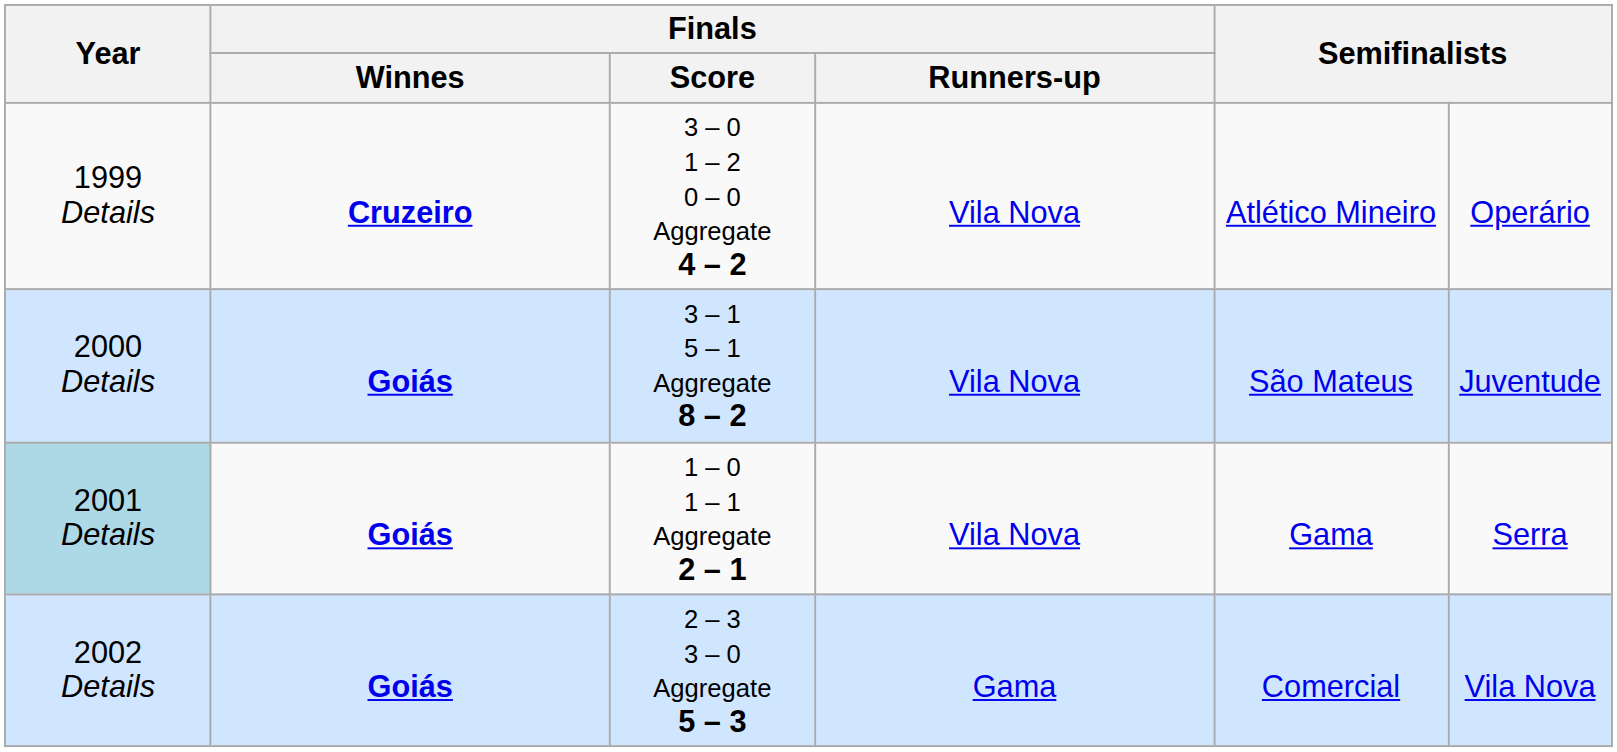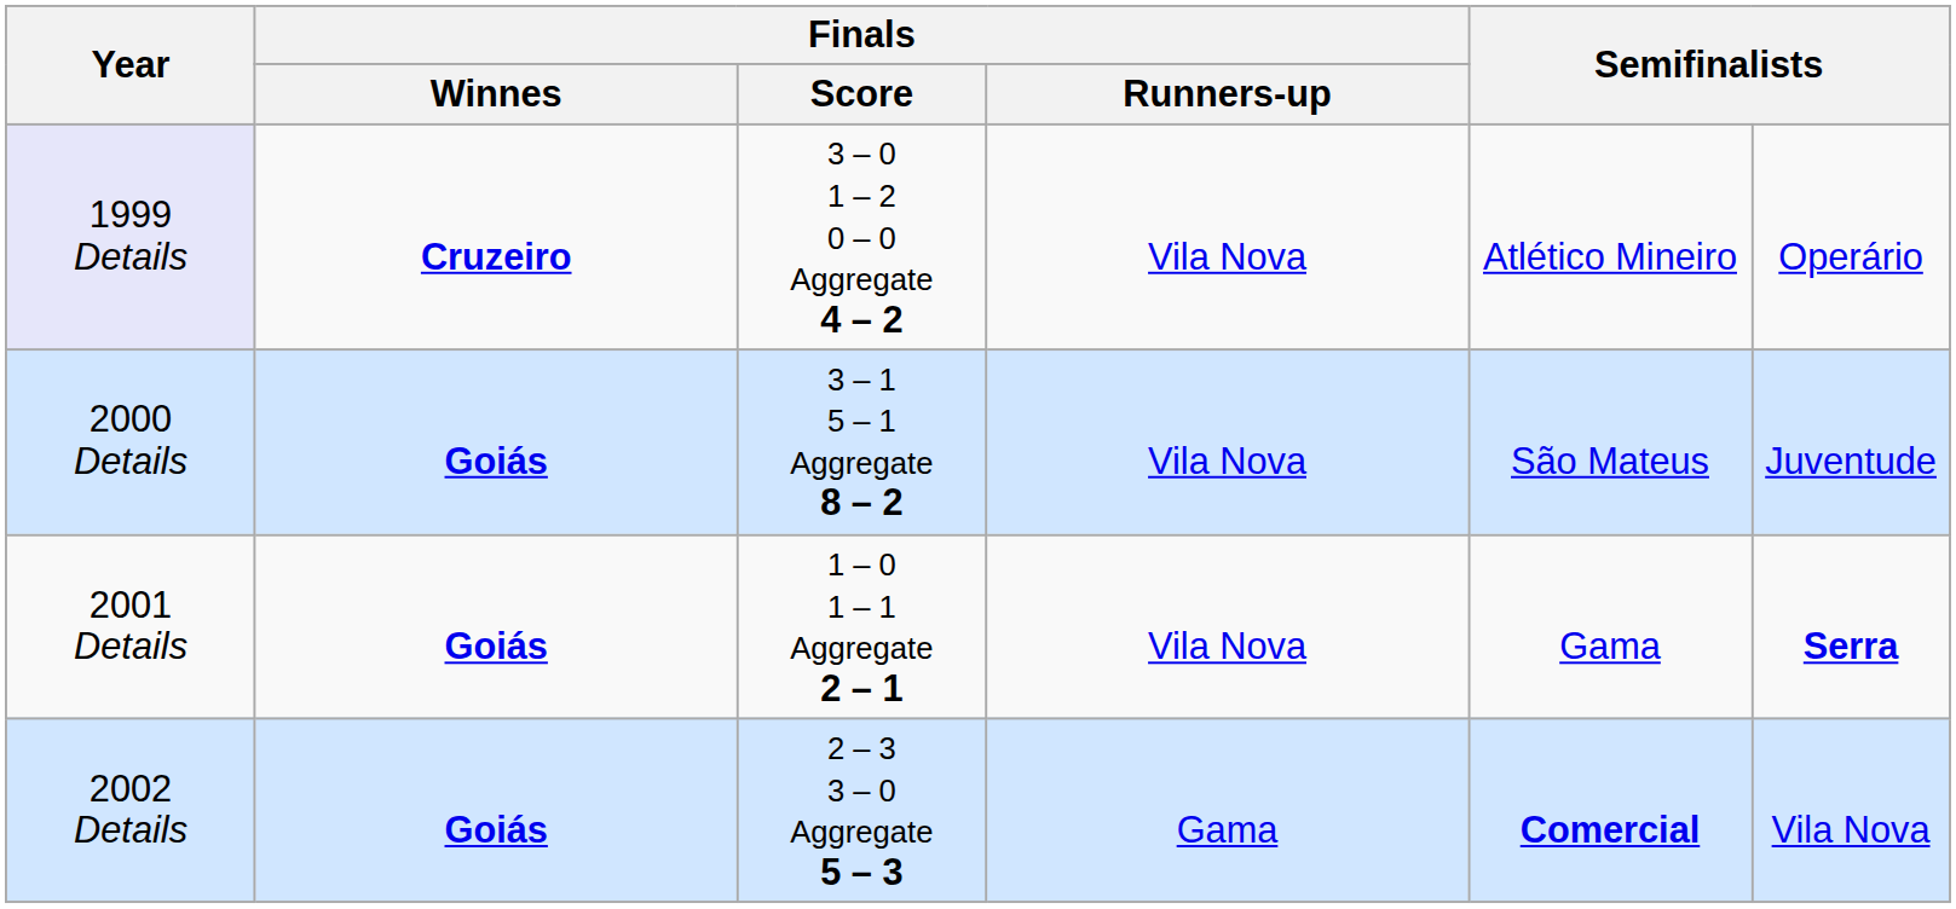 <table class="wikitable" style="text-align: center;">
 <tr>
 <th rowspan=2 width=100>Year</th>
 <th colspan=3>Finals</th>
 <th colspan=3 rowspan=2 width=200>Semifinalists</th>
 </tr>
 <tr>
 <th width=200>Winnes</th>
 <th width=100>Score</th>
 <th width=200>Runners-up</th>
 </tr>
 <tr>
-<td>1999<br><em>Details</em></td>
+<td style="background: lavender;">1999<br><em>Details</em></td>
 <td><br><strong><a href='#'>Cruzeiro</a></strong></td>
 <td><small>3 – 0<br> 1 – 2<br>0 – 0 <br>Aggregate</small><br>  <strong>4 – 2</strong></td>
 <td><br><a href='#'>Vila Nova</a></td>
 <td><br><a href='#'>Atlético Mineiro</a></td>
 <td><br><a href='#'>Operário</a></td>
 </tr>
 <tr style="background: #D0E6FF;">
 <td>2000<br><em>Details</em></td>
 <td><br><strong><a href='#'>Goiás</a></strong></td>
 <td><small>3 – 1<br> 5 – 1<br>Aggregate</small><br>  <strong>8 – 2</strong></td>
 <td><br><a href='#'>Vila Nova</a></td>
 <td><br><a href='#'>São Mateus</a></td>
 <td><br><a href='#'>Juventude</a></td>
 </tr>
 <tr>
-<td style="background: lightblue;">2001<br><em>Details</em></td>
+<td>2001<br><em>Details</em></td>
 <td><br><strong><a href='#'>Goiás</a></strong></td>
 <td><small>1 – 0<br> 1 – 1<br>Aggregate</small><br>  <strong>2 – 1</strong></td>
 <td><br><a href='#'>Vila Nova</a></td>
 <td><br><a href='#'>Gama</a></td>
-<td><br><a href='#'>Serra</a></td>
+<td><strong><br><a href='#'>Serra</a></strong></td>
 </tr>
 <tr style="background: #D0E6FF;">
 <td>2002<br><em>Details</em></td>
 <td><br><strong><a href='#'>Goiás</a></strong></td>
 <td><small>2 – 3<br> 3 – 0<br>Aggregate</small><br>  <strong>5 – 3</strong></td>
 <td><br><a href='#'>Gama</a></td>
-<td><br><a href='#'>Comercial</a></td>
+<td><strong><br><a href='#'>Comercial</a></strong></td>
 <td><br><a href='#'>Vila Nova</a></td>
 </tr>
 </table>
